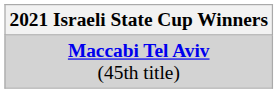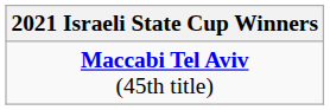 <table class=wikitable style="text-align:center; margin:auto">
 <tr>
 <th>2021 Israeli State Cup Winners</th>
 </tr>
 <tr>
-<td style="background: lightgrey;"><strong><a href='#'>Maccabi Tel Aviv</a></strong><br>(45th title)</td>
+<td><strong><a href='#'>Maccabi Tel Aviv</a></strong><br>(45th title)</td>
 </tr>
 </table>
